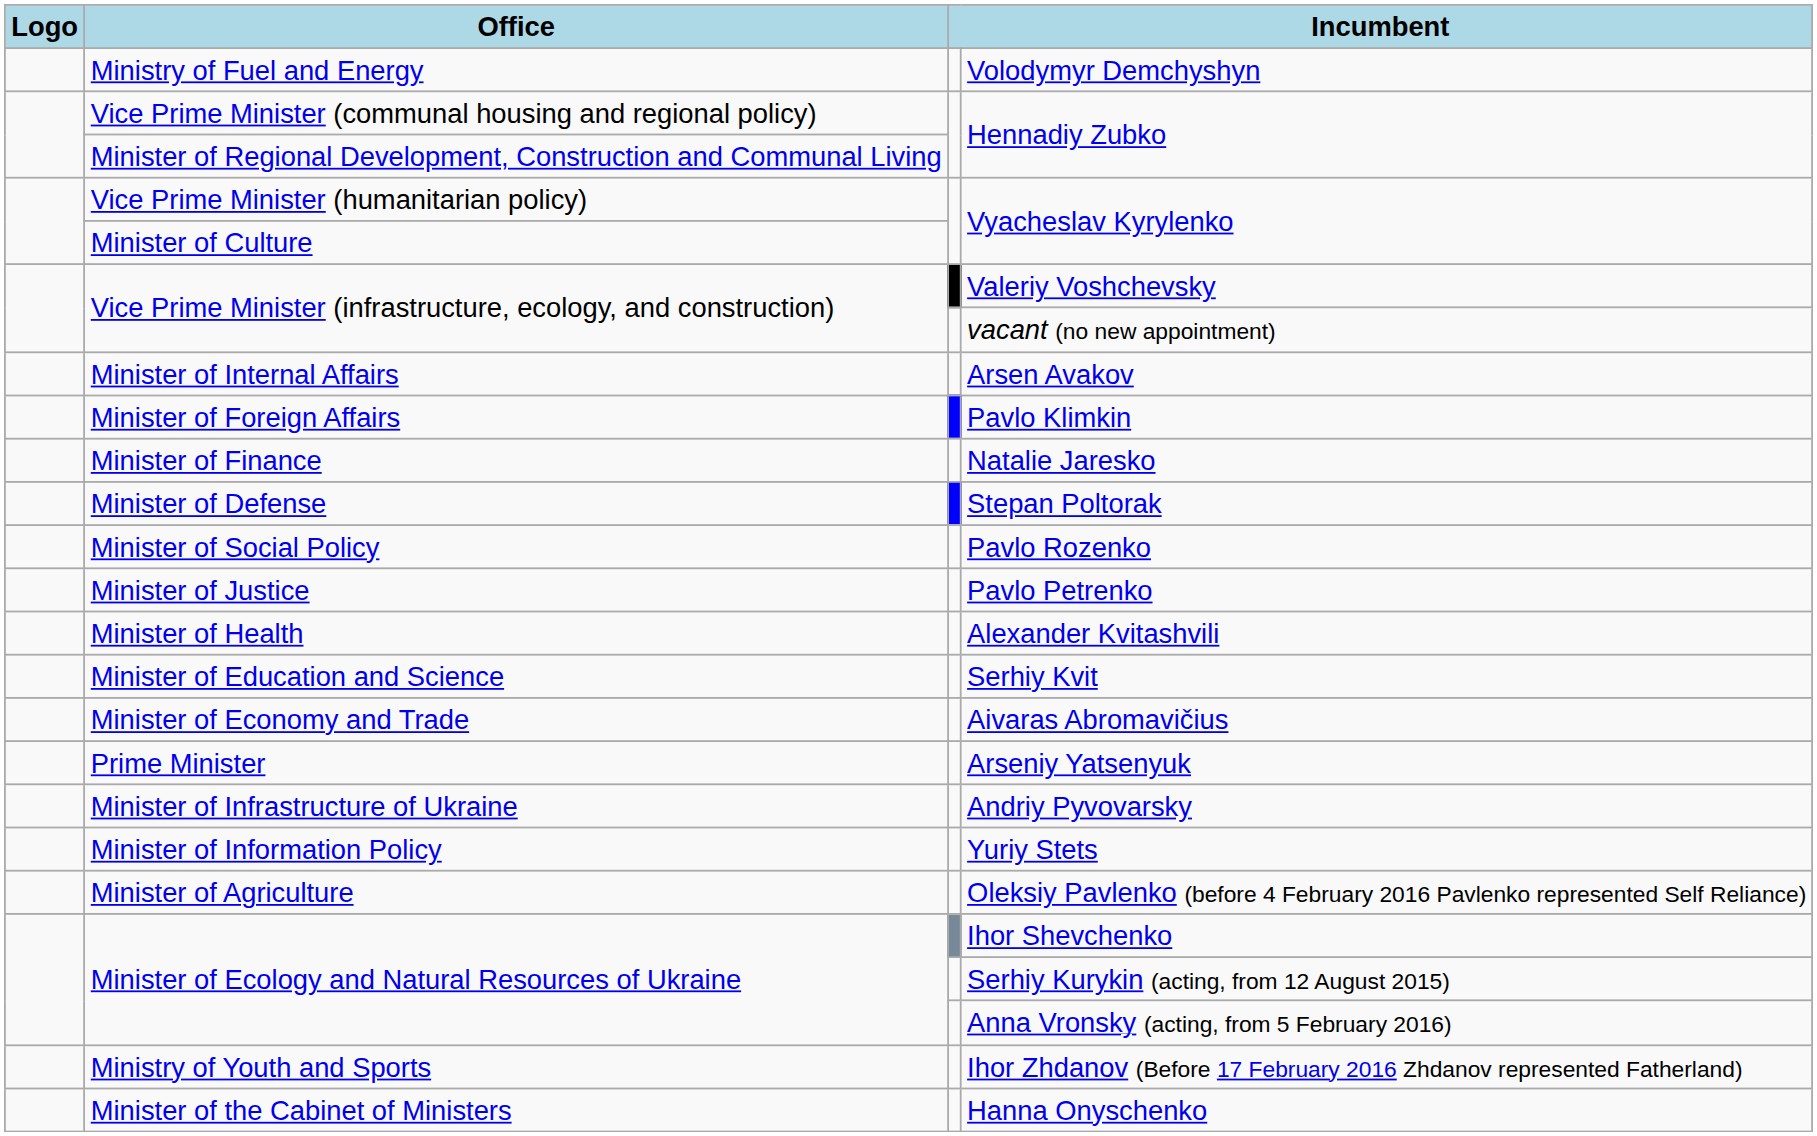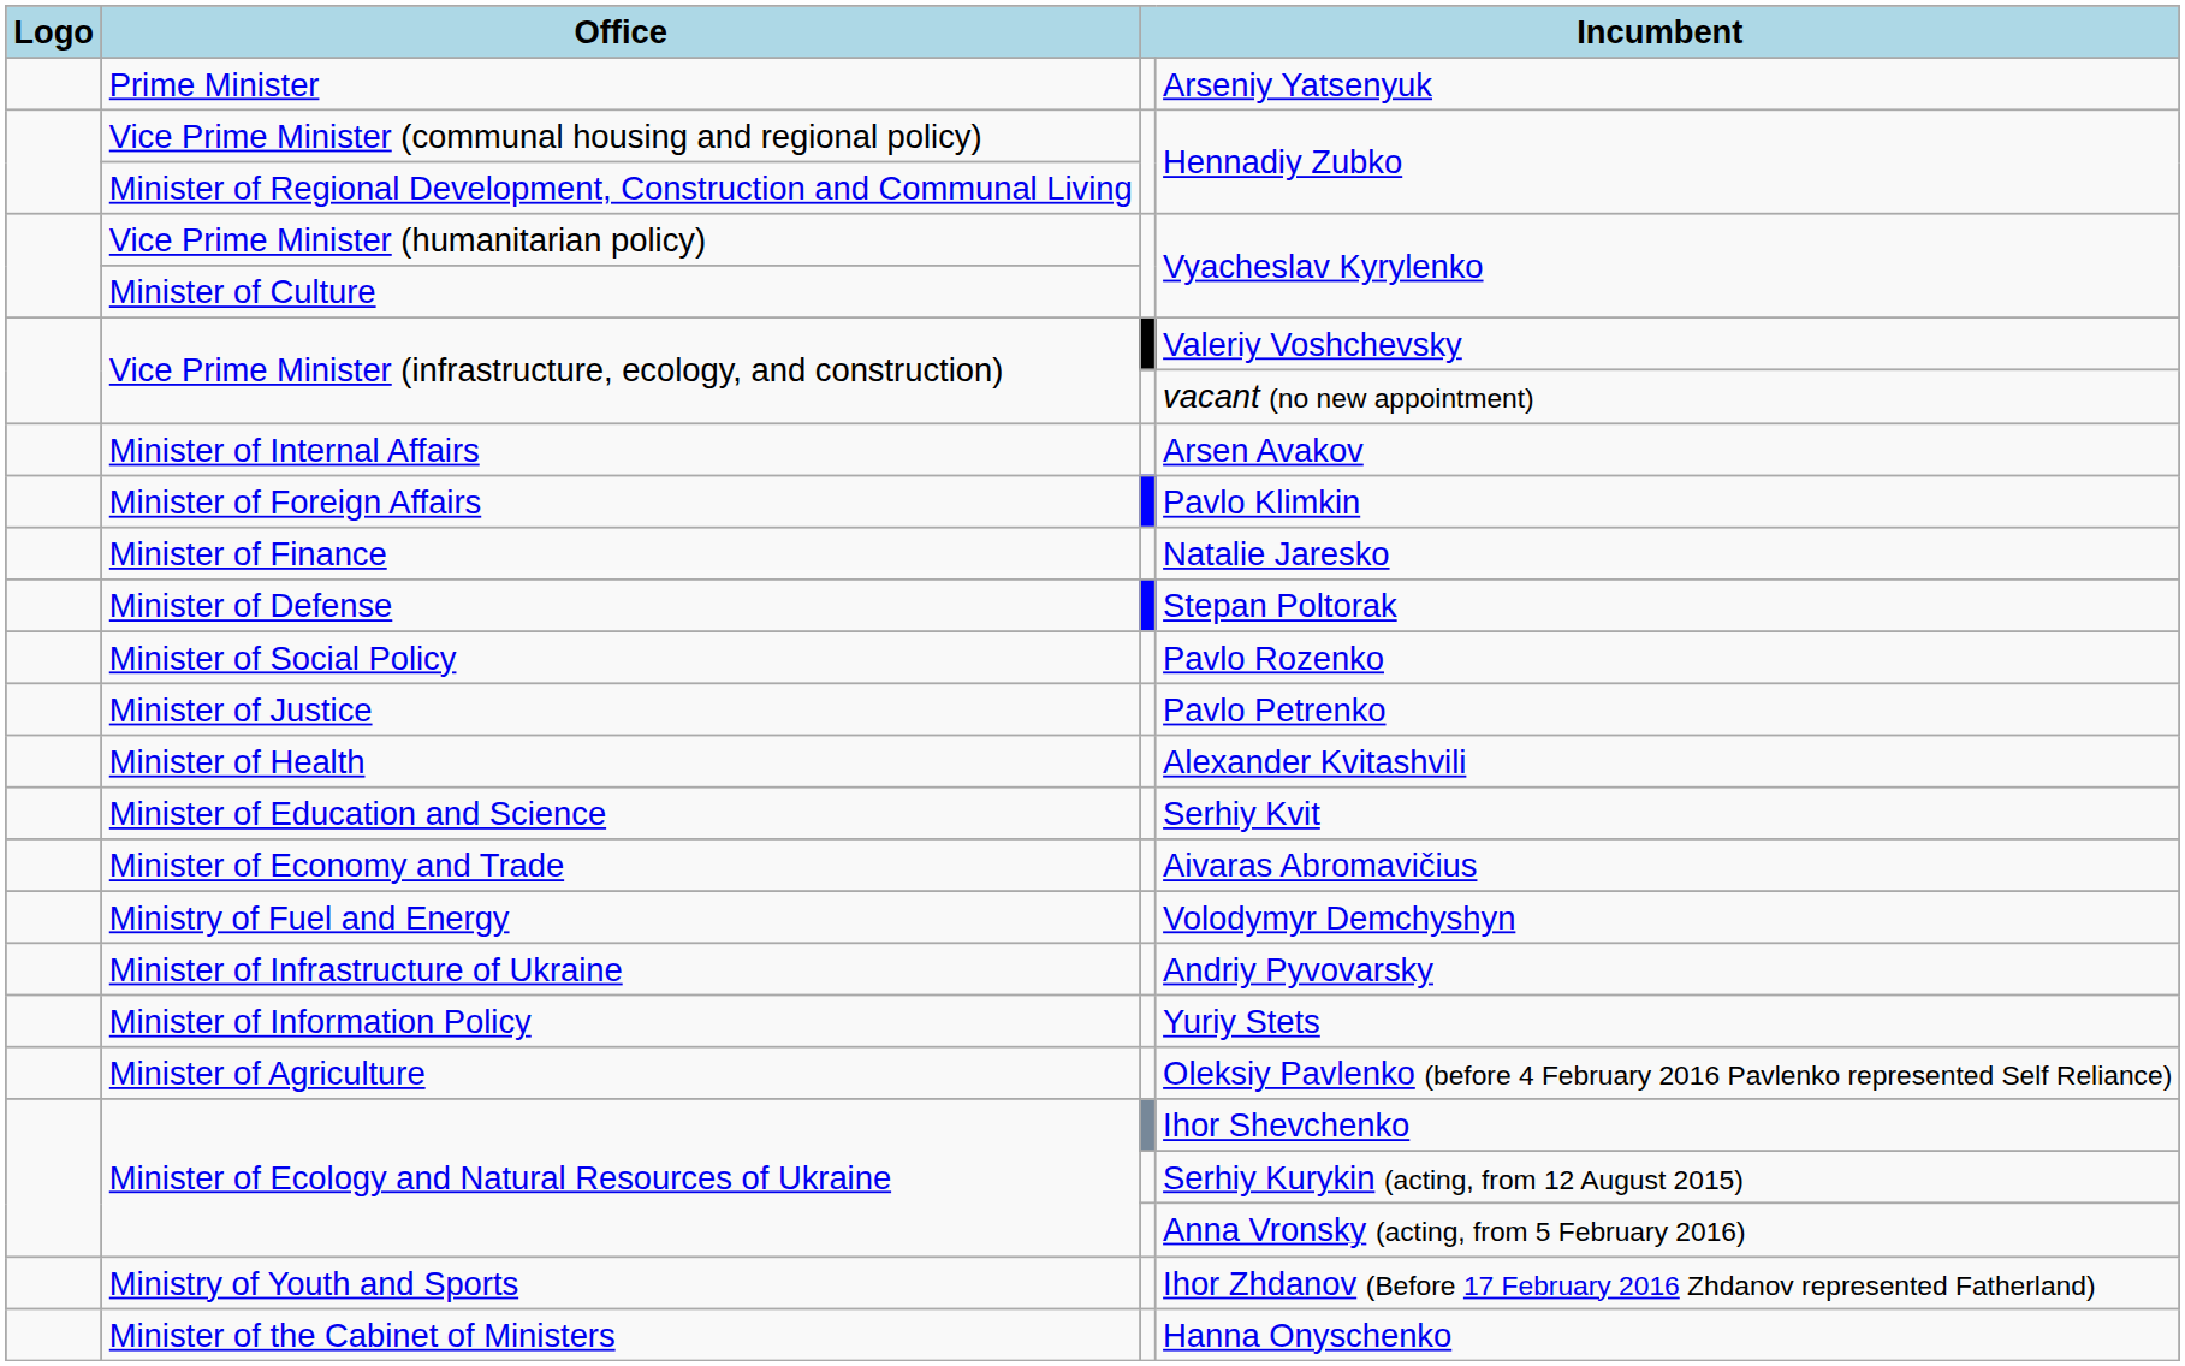 <table class="wikitable" style="font-size: 95%;">
 <tr>
 <th colspan=1 style="background-color:#ADD8E6">Logo</th>
 <th colspan=1 style="background-color:#ADD8E6">Office</th>
 <th colspan=2 style="background-color:#ADD8E6">Incumbent</th>
 </tr>
 <tr>
 <td></td>
-<td><a href='#'>Ministry of Fuel and Energy</a></td>
+<td><a href='#'>Prime Minister</a></td>
 <td style="background:"></td>
-<td><a href='#'>Volodymyr Demchyshyn</a></td>
+<td><a href='#'>Arseniy Yatsenyuk</a></td>
 </tr>
 <tr>
 <td rowspan=2></td>
 <td><a href='#'>Vice Prime Minister</a> (communal housing and regional policy)</td>
 <td rowspan=2; style="background:"></td>
 <td rowspan=2><a href='#'>Hennadiy Zubko</a></td>
 </tr>
 <tr>
 <td><a href='#'>Minister of Regional Development, Construction and Communal Living</a></td>
 </tr>
 <tr>
 <td rowspan=2></td>
 <td><a href='#'>Vice Prime Minister</a> (humanitarian policy)</td>
 <td rowspan=2; style="background:"></td>
 <td rowspan=2><a href='#'>Vyacheslav Kyrylenko</a></td>
 </tr>
 <tr>
 <td><a href='#'>Minister of Culture</a></td>
 </tr>
 <tr>
 <td rowspan=2></td>
 <td rowspan=2><a href='#'>Vice Prime Minister</a> (infrastructure, ecology, and construction)</td>
 <td style= "background:black"></td>
 <td><a href='#'>Valeriy Voshchevsky</a> </td>
 </tr>
 <tr>
 <td></td>
 <td><em>vacant</em> <small>(no new appointment)</small></td>
 </tr>
 <tr>
 <td></td>
 <td><a href='#'>Minister of Internal Affairs</a></td>
 <td style="background:"></td>
 <td><a href='#'>Arsen Avakov</a></td>
 </tr>
 <tr>
 <td></td>
 <td><a href='#'>Minister of Foreign Affairs</a></td>
 <td style="background:blue"></td>
 <td><a href='#'>Pavlo Klimkin</a></td>
 </tr>
 <tr>
 <td></td>
 <td><a href='#'>Minister of Finance</a></td>
 <td style="background:"></td>
 <td><a href='#'>Natalie Jaresko</a></td>
 </tr>
 <tr>
 <td></td>
 <td><a href='#'>Minister of Defense</a></td>
 <td style="background:blue"></td>
 <td><a href='#'>Stepan Poltorak</a></td>
 </tr>
 <tr>
 <td></td>
 <td><a href='#'>Minister of Social Policy</a></td>
 <td style="background:"></td>
 <td><a href='#'>Pavlo Rozenko</a></td>
 </tr>
 <tr>
 <td></td>
 <td><a href='#'>Minister of Justice</a></td>
 <td style="background:"></td>
 <td><a href='#'>Pavlo Petrenko</a></td>
 </tr>
 <tr>
 <td></td>
 <td><a href='#'>Minister of Health</a></td>
 <td style="background:"></td>
 <td><a href='#'>Alexander Kvitashvili</a></td>
 </tr>
 <tr>
 <td></td>
 <td><a href='#'>Minister of Education and Science</a></td>
 <td style="background:"></td>
 <td><a href='#'>Serhiy Kvit</a></td>
 </tr>
 <tr>
 <td></td>
 <td><a href='#'>Minister of Economy and Trade</a></td>
 <td style="background:"></td>
 <td><a href='#'>Aivaras Abromavičius</a></td>
 </tr>
 <tr>
 <td></td>
-<td><a href='#'>Prime Minister</a></td>
+<td><a href='#'>Ministry of Fuel and Energy</a></td>
 <td style="background:"></td>
-<td><a href='#'>Arseniy Yatsenyuk</a></td>
+<td><a href='#'>Volodymyr Demchyshyn</a></td>
 </tr>
 <tr>
 <td></td>
 <td><a href='#'>Minister of Infrastructure of Ukraine</a></td>
 <td style="background:"></td>
 <td><a href='#'>Andriy Pyvovarsky</a></td>
 </tr>
 <tr>
 <td></td>
 <td><a href='#'>Minister of Information Policy</a></td>
 <td style="background:"></td>
 <td><a href='#'>Yuriy Stets</a></td>
 </tr>
 <tr>
 <td></td>
 <td><a href='#'>Minister of Agriculture</a></td>
 <td style=></td>
 <td><a href='#'>Oleksiy Pavlenko</a> <small>(before 4 February 2016 Pavlenko represented Self Reliance)</small></td>
 </tr>
 <tr>
 <td rowspan=3></td>
 <td rowspan=3><a href='#'>Minister of Ecology and Natural Resources of Ukraine</a></td>
 <td style= "background:LightSlateGray"></td>
 <td><a href='#'>Ihor Shevchenko</a> </td>
 </tr>
 <tr>
 <td></td>
 <td><a href='#'>Serhiy Kurykin</a> <small>(acting, from 12 August 2015)</small></td>
 </tr>
 <tr>
 <td></td>
 <td><a href='#'>Anna Vronsky</a> <small>(acting, from 5 February 2016)</small></td>
 </tr>
 <tr>
 <td></td>
 <td><a href='#'>Ministry of Youth and Sports</a></td>
 <td style=></td>
 <td><a href='#'>Ihor Zhdanov</a> <small>(Before <a href='#'>17 February 2016</a> Zhdanov represented Fatherland)</small></td>
 </tr>
 <tr>
 <td></td>
 <td><a href='#'>Minister of the Cabinet of Ministers</a></td>
 <td style="background:"></td>
 <td><a href='#'>Hanna Onyschenko</a></td>
 </tr>
 <tr>
 </tr>
 </table>
